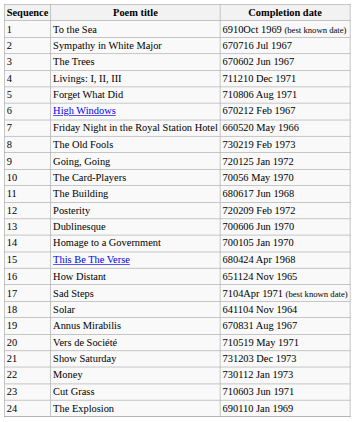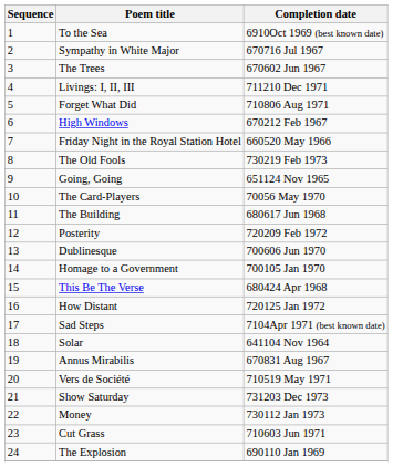 <table class="wikitable sortable">
 <tr>
 <th>Sequence</th>
 <th>Poem title</th>
 <th>Completion date</th>
 </tr>
 <tr>
 <td>1</td>
 <td>To the Sea</td>
 <td><span>6910</span>Oct 1969 <small>(best known date)</small></td>
 </tr>
 <tr>
 <td>2</td>
 <td>Sympathy in White Major</td>
 <td><span>6707</span>16 Jul 1967</td>
 </tr>
 <tr>
 <td>3</td>
 <td>The Trees</td>
 <td><span>6706</span>02 Jun 1967</td>
 </tr>
 <tr>
 <td>4</td>
 <td>Livings: I, II, III</td>
 <td><span>7112</span>10 Dec 1971</td>
 </tr>
 <tr>
 <td>5</td>
 <td>Forget What Did</td>
 <td><span>7108</span>06 Aug 1971</td>
 </tr>
 <tr>
 <td>6</td>
 <td><a href='#'>High Windows</a></td>
 <td><span>6702</span>12 Feb 1967</td>
 </tr>
 <tr>
 <td>7</td>
 <td>Friday Night in the Royal Station Hotel</td>
 <td><span>6605</span>20 May 1966</td>
 </tr>
 <tr>
 <td>8</td>
 <td>The Old Fools</td>
 <td><span>7302</span>19 Feb 1973</td>
 </tr>
 <tr>
 <td>9</td>
 <td>Going, Going</td>
-<td><span>7201</span>25 Jan 1972</td>
+<td><span>6511</span>24 Nov 1965</td>
 </tr>
 <tr>
 <td>10</td>
 <td>The Card-Players</td>
 <td><span>7005</span>6 May 1970</td>
 </tr>
 <tr>
 <td>11</td>
 <td>The Building</td>
 <td><span>6806</span>17 Jun 1968</td>
 </tr>
 <tr>
 <td>12</td>
 <td>Posterity</td>
 <td><span>7202</span>09 Feb 1972</td>
 </tr>
 <tr>
 <td>13</td>
 <td>Dublinesque</td>
 <td><span>7006</span>06 Jun 1970</td>
 </tr>
 <tr>
 <td>14</td>
 <td>Homage to a Government</td>
 <td><span>7001</span>05 Jan 1970</td>
 </tr>
 <tr>
 <td>15</td>
 <td><a href='#'>This Be The Verse</a></td>
 <td><span>6804</span>24 Apr 1968</td>
 </tr>
 <tr>
 <td>16</td>
 <td>How Distant</td>
-<td><span>6511</span>24 Nov 1965</td>
+<td><span>7201</span>25 Jan 1972</td>
 </tr>
 <tr>
 <td>17</td>
 <td>Sad Steps</td>
 <td><span>7104</span>Apr 1971 <small>(best known date)</small></td>
 </tr>
 <tr>
 <td>18</td>
 <td>Solar</td>
 <td><span>6411</span>04 Nov 1964</td>
 </tr>
 <tr>
 <td>19</td>
 <td>Annus Mirabilis</td>
 <td><span>6708</span>31 Aug 1967</td>
 </tr>
 <tr>
 <td>20</td>
 <td>Vers de Société</td>
 <td><span>7105</span>19 May 1971</td>
 </tr>
 <tr>
 <td>21</td>
 <td>Show Saturday</td>
 <td><span>7312</span>03 Dec 1973</td>
 </tr>
 <tr>
 <td>22</td>
 <td>Money</td>
 <td><span>7301</span>12 Jan 1973</td>
 </tr>
 <tr>
 <td>23</td>
 <td>Cut Grass</td>
 <td><span>7106</span>03 Jun 1971</td>
 </tr>
 <tr>
 <td>24</td>
 <td>The Explosion</td>
 <td><span>6901</span>10 Jan 1969</td>
 </tr>
 <tr>
 </tr>
 <tr class="sortbottom">
 </tr>
 </table>
